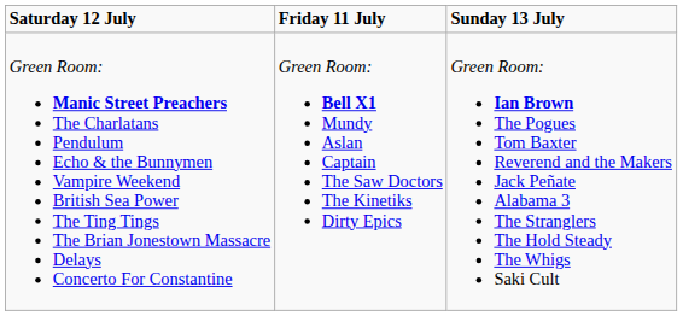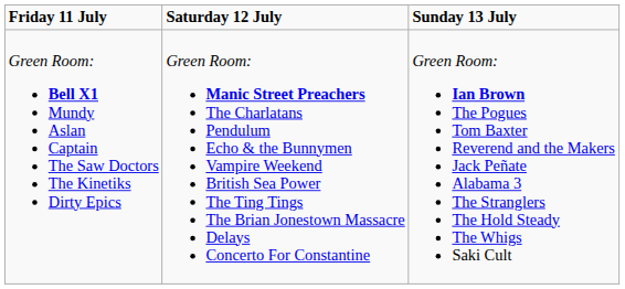 <table class="wikitable">
 <tr>
+<td><strong>Friday 11 July</strong></td>
 <td><strong>Saturday 12 July</strong></td>
-<td><strong>Friday 11 July</strong></td>
 <td><strong>Sunday 13 July</strong></td>
 </tr>
 <tr valign="top">
+<td><br><em>Green Room:</em><ul><li><strong><a href='#'>Bell X1</a></strong></li><li><a href='#'>Mundy</a></li><li><a href='#'>Aslan</a></li><li><a href='#'>Captain</a></li><li><a href='#'>The Saw Doctors</a></li><li><a href='#'>The Kinetiks</a></li><li><a href='#'>Dirty Epics</a></li></ul></td>
 <td><br><em>Green Room:</em><ul><li><strong><a href='#'>Manic Street Preachers</a></strong></li><li><a href='#'>The Charlatans</a></li><li><a href='#'>Pendulum</a></li><li><a href='#'>Echo & the Bunnymen</a></li><li><a href='#'>Vampire Weekend</a></li><li><a href='#'>British Sea Power</a></li><li><a href='#'>The Ting Tings</a></li><li><a href='#'>The Brian Jonestown Massacre</a></li><li><a href='#'>Delays</a></li><li><a href='#'>Concerto For Constantine</a></li></ul></td>
-<td><br><em>Green Room:</em><ul><li><strong><a href='#'>Bell X1</a></strong></li><li><a href='#'>Mundy</a></li><li><a href='#'>Aslan</a></li><li><a href='#'>Captain</a></li><li><a href='#'>The Saw Doctors</a></li><li><a href='#'>The Kinetiks</a></li><li><a href='#'>Dirty Epics</a></li></ul></td>
 <td><br><em>Green Room:</em><ul><li><strong><a href='#'>Ian Brown</a></strong></li><li><a href='#'>The Pogues</a></li><li><a href='#'>Tom Baxter</a></li><li><a href='#'>Reverend and the Makers</a></li><li><a href='#'>Jack Peñate</a></li><li><a href='#'>Alabama 3</a></li><li><a href='#'>The Stranglers</a></li><li><a href='#'>The Hold Steady</a></li><li><a href='#'>The Whigs</a></li><li>Saki Cult</li></ul></td>
 </tr>
 </table>
